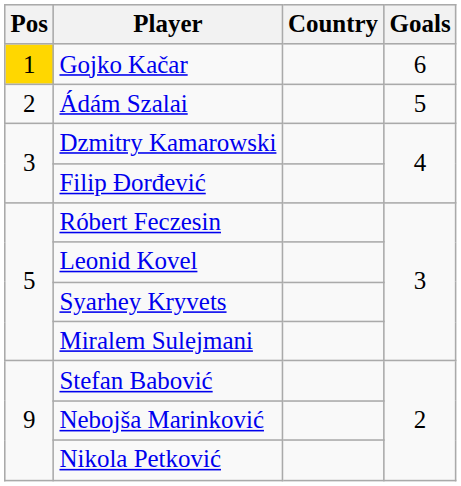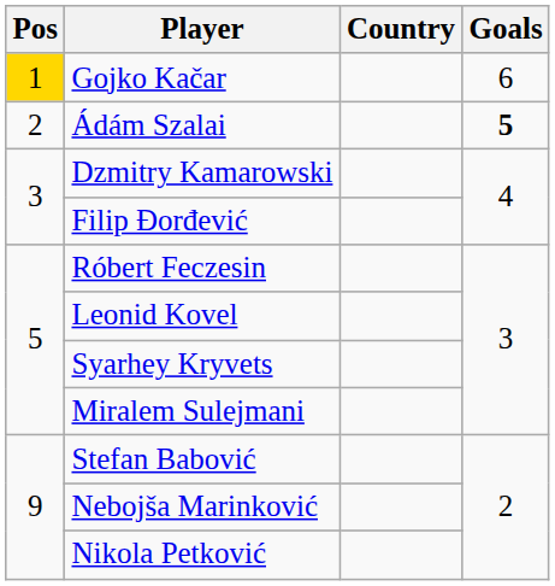 <table class="wikitable" style="text-align: left;">
 <tr>
 <th>Pos</th>
 <th>Player</th>
 <th>Country</th>
 <th>Goals</th>
 </tr>
 <tr>
 <td align=center style="background: gold;">1</td>
 <td><a href='#'>Gojko Kačar</a></td>
 <td></td>
 <td align=center>6</td>
 </tr>
 <tr>
 <td align=center>2</td>
 <td><a href='#'>Ádám Szalai</a></td>
 <td></td>
-<td align=center>5</td>
+<td align=center><strong>5</strong></td>
 </tr>
 <tr>
 <td rowspan="2" align=center>3</td>
 <td><a href='#'>Dzmitry Kamarowski</a></td>
 <td></td>
 <td rowspan="2" align=center>4</td>
 </tr>
 <tr>
 <td><a href='#'>Filip Đorđević</a></td>
 <td></td>
 </tr>
 <tr>
 <td rowspan="4" align=center>5</td>
 <td><a href='#'>Róbert Feczesin</a></td>
 <td></td>
 <td rowspan="4" align=center>3</td>
 </tr>
 <tr>
 <td><a href='#'>Leonid Kovel</a></td>
 <td></td>
 </tr>
 <tr>
 <td><a href='#'>Syarhey Kryvets</a></td>
 <td></td>
 </tr>
 <tr>
 <td><a href='#'>Miralem Sulejmani</a></td>
 <td></td>
 </tr>
 <tr>
 <td rowspan="3" align=center>9</td>
 <td><a href='#'>Stefan Babović</a></td>
 <td></td>
 <td rowspan="3" align=center>2</td>
 </tr>
 <tr>
 <td><a href='#'>Nebojša Marinković</a></td>
 <td></td>
 </tr>
 <tr>
 <td><a href='#'>Nikola Petković</a></td>
 <td></td>
 </tr>
 </table>
